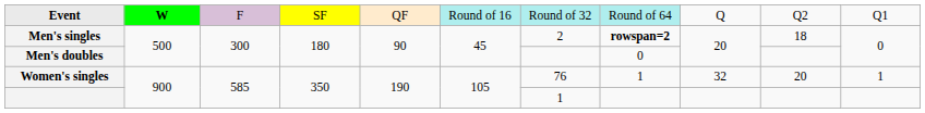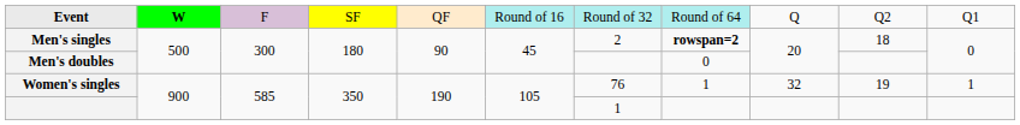 <table class=wikitable style=font-size:90%;text-align:center>
 <tr>
 <td style="width:130px; background:#eaeaea;"><strong>Event</strong></td>
 <td style="width:80px; background:lime;"><strong>W</strong></td>
 <td style="width:85px; background:thistle;">F</td>
 <td style="width:85px; background:#ff0;">SF</td>
 <td style="width:85px; background:#ffebcd;">QF</td>
 <td style="width:85px; background:#afeeee;">Round of 16</td>
 <td style="width:85px; background:#afeeee;">Round of 32</td>
 <td style="width:85px; background:#afeeee;">Round of 64</td>
 <td width=85>Q</td>
 <td width=85>Q2</td>
 <td width=85>Q1</td>
 </tr>
 <tr>
 <th style="background:#f3f3f3;">Men's singles</th>
 <td rowspan=2>500</td>
 <td rowspan=2>300</td>
 <td rowspan=2>180</td>
 <td rowspan=2>90</td>
 <td rowspan=2>45</td>
 <td>2</td>
 <td><strong>rowspan=2 </strong></td>
 <td rowspan=2>20</td>
 <td>18</td>
 <td rowspan=2>0</td>
 </tr>
 <tr>
 <th style="background:#f3f3f3;">Men's doubles</th>
 <td></td>
 <td>0</td>
 </tr>
 <tr>
 <th style="background:#f3f3f3;">Women's singles</th>
 <td rowspan=2>900</td>
 <td rowspan=2>585</td>
 <td rowspan=2>350</td>
 <td rowspan=2>190</td>
 <td rowspan=2>105</td>
 <td>76</td>
 <td>1</td>
 <td>32</td>
-<td>20</td>
+<td>19</td>
 <td>1</td>
 </tr>
 <tr>
 <th style="background:#f3f3f3;"></th>
 <td>1</td>
 <td></td>
 <td></td>
 <td></td>
 <td></td>
 </tr>
 </table>
